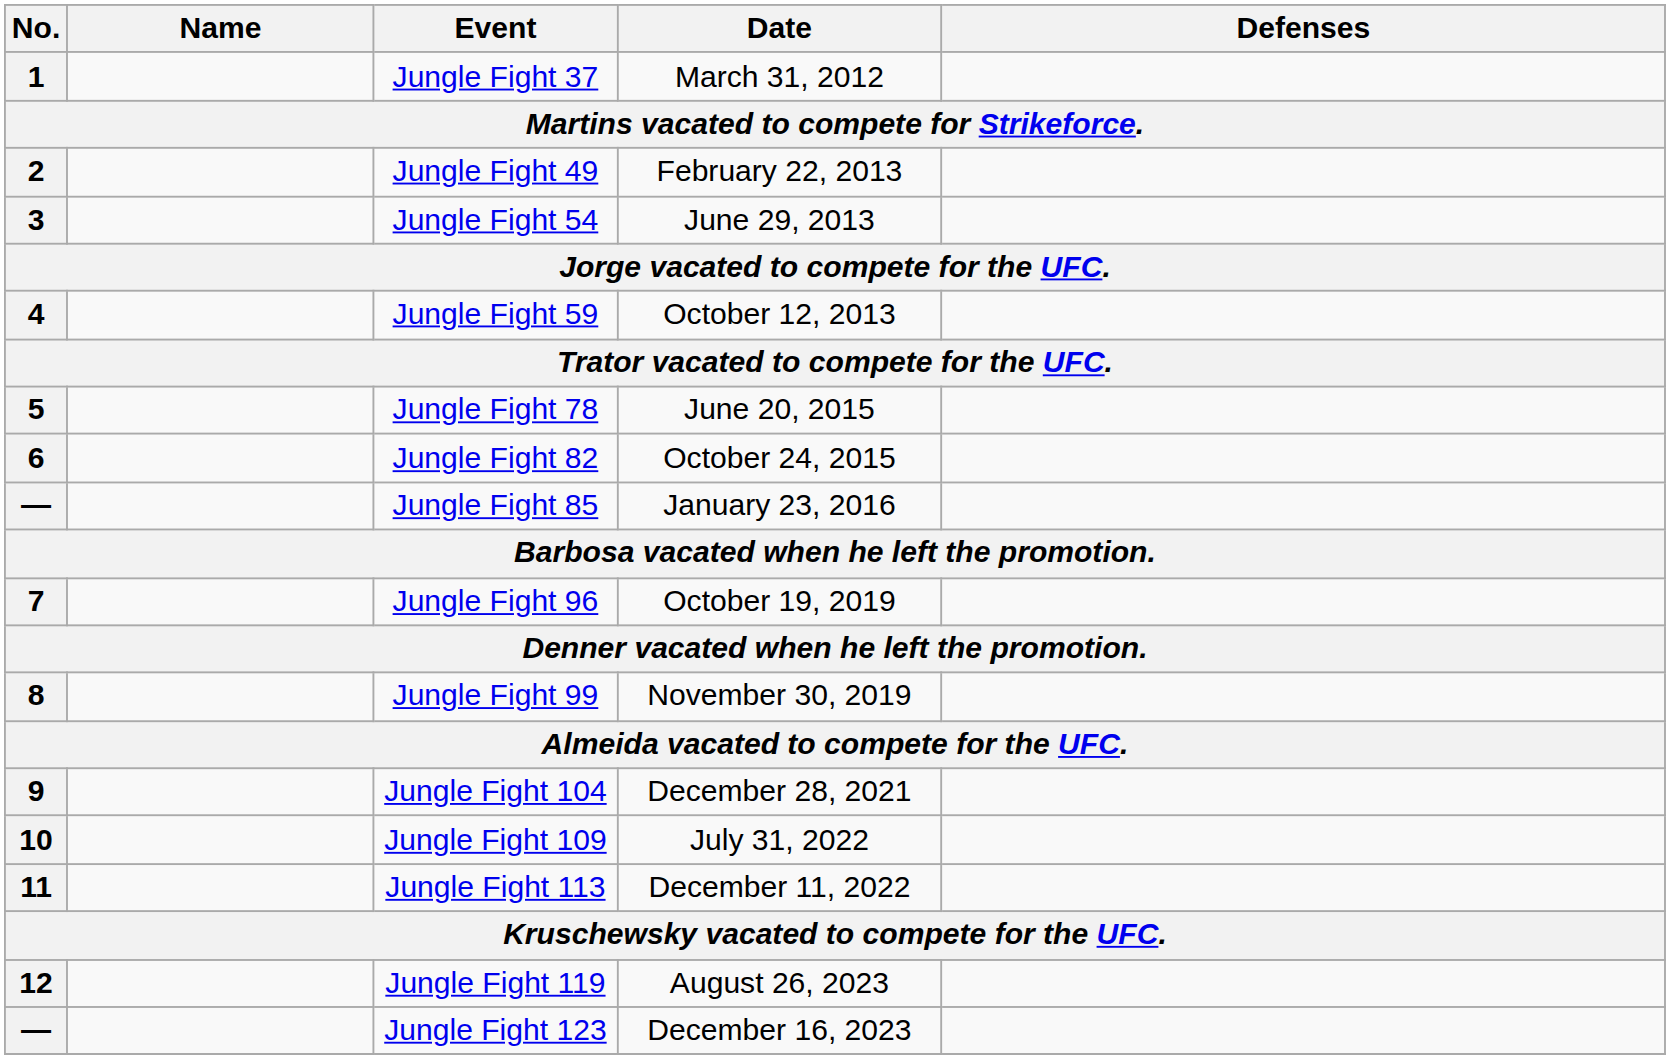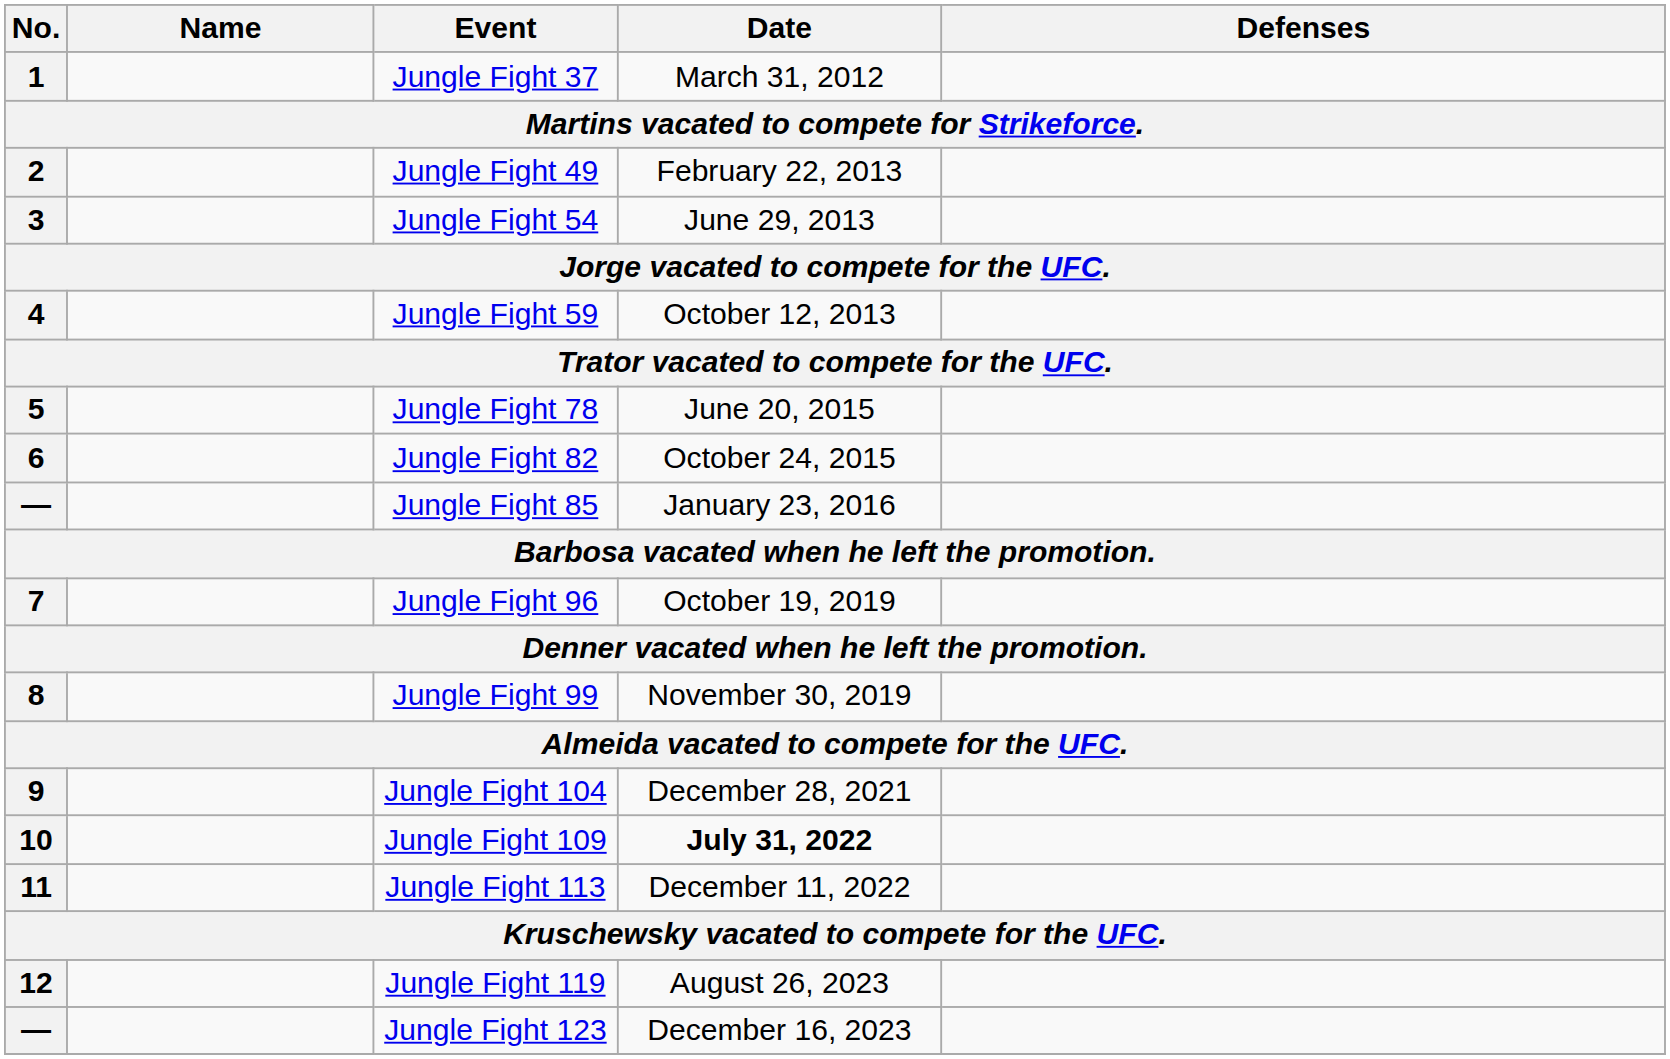 <table class="wikitable" width=100%>
 <tr>
 <th width=1%>No.</th>
 <th width=19%>Name</th>
 <th width=15%>Event</th>
 <th width=20%>Date</th>
 <th width=45%>Defenses</th>
 </tr>
 <tr>
 <th>1</th>
 <td align=left><br></td>
 <td align=center><a href='#'>Jungle Fight 37</a> <br></td>
 <td align=center>March 31, 2012</td>
 <td></td>
 </tr>
 <tr>
 <th colspan=6 align=center><em>Martins vacated to compete for <a href='#'>Strikeforce</a>.</em></th>
 </tr>
 <tr>
 <th>2</th>
 <td align=left><br></td>
 <td align=center><a href='#'>Jungle Fight 49</a> <br></td>
 <td align=center>February 22, 2013</td>
 <td></td>
 </tr>
 <tr>
 <th>3</th>
 <td align=left></td>
 <td align=center><a href='#'>Jungle Fight 54</a> <br></td>
 <td align=center>June 29, 2013</td>
 <td></td>
 </tr>
 <tr>
 <th colspan=6 align=center><em>Jorge vacated to compete for the <a href='#'>UFC</a>.</em></th>
 </tr>
 <tr>
 <th>4</th>
 <td align=left><br></td>
 <td align=center><a href='#'>Jungle Fight 59</a> <br></td>
 <td align=center>October 12, 2013</td>
 <td></td>
 </tr>
 <tr>
 <th colspan=6 align=center><em>Trator vacated to compete for the <a href='#'>UFC</a>.</em></th>
 </tr>
 <tr>
 <th>5</th>
 <td align=left><br></td>
 <td align=center><a href='#'>Jungle Fight 78</a> <br></td>
 <td align=center>June 20, 2015</td>
 <td></td>
 </tr>
 <tr>
 <th>6</th>
 <td align=left></td>
 <td align=center><a href='#'>Jungle Fight 82</a> <br></td>
 <td align=center>October 24, 2015</td>
 <td><br></td>
 </tr>
 <tr>
 <th>—</th>
 <td align=left><br></td>
 <td align=center><a href='#'>Jungle Fight 85</a> <br></td>
 <td align=center>January 23, 2016</td>
 <td></td>
 </tr>
 <tr>
 <th colspan=6 align=center><em>Barbosa vacated when he left the promotion.</em></th>
 </tr>
 <tr>
 <th>7</th>
 <td align=left><br></td>
 <td align=center><a href='#'>Jungle Fight 96</a> <br></td>
 <td align=center>October 19, 2019</td>
 <td></td>
 </tr>
 <tr>
 <th colspan=6 align=center><em>Denner vacated when he left the promotion.</em></th>
 </tr>
 <tr>
 <th>8</th>
 <td align=left><br></td>
 <td align=center><a href='#'>Jungle Fight 99</a><br></td>
 <td align=center>November 30, 2019</td>
 <td></td>
 </tr>
 <tr>
 <th colspan=6 align=center><em>Almeida vacated to compete for the <a href='#'>UFC</a>.</em></th>
 </tr>
 <tr>
 <th>9</th>
 <td align=left><br></td>
 <td align=center><a href='#'>Jungle Fight 104</a> <br></td>
 <td align=center>December 28, 2021</td>
 <td></td>
 </tr>
 <tr>
 <th>10</th>
 <td align=left></td>
 <td align=center><a href='#'>Jungle Fight 109</a> <br></td>
-<td align=center>July 31, 2022</td>
+<td align=center><strong>July 31, 2022</strong></td>
 <td></td>
 </tr>
 <tr>
 <th>11</th>
 <td align=left></td>
 <td align=center><a href='#'>Jungle Fight 113</a> <br></td>
 <td align=center>December 11, 2022</td>
 <td></td>
 </tr>
 <tr>
 <th colspan=6 align=center><em>Kruschewsky vacated to compete for the <a href='#'>UFC</a>.</em></th>
 </tr>
 <tr>
 <th>12</th>
 <td align=left><br></td>
 <td align=center><a href='#'>Jungle Fight 119</a> <br></td>
 <td align=center>August 26, 2023</td>
 <td></td>
 </tr>
 <tr>
 <th>—</th>
 <td align=left><br></td>
 <td align=center><a href='#'>Jungle Fight 123</a> <br></td>
 <td align=center>December 16, 2023</td>
 <td></td>
 </tr>
 <tr>
 </tr>
 </table>
